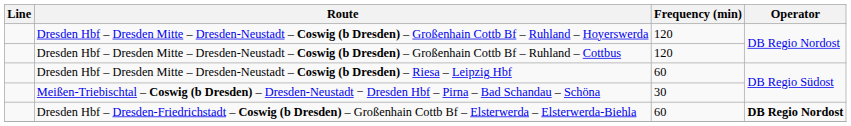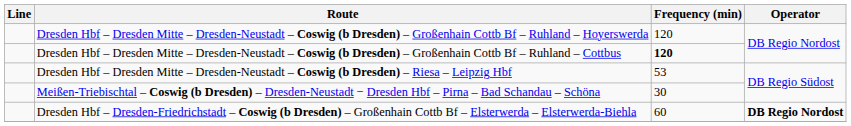 <table class="wikitable">
 <tr>
 <th>Line</th>
 <th>Route</th>
 <th>Frequency (min)</th>
 <th>Operator</th>
 </tr>
 <tr>
 <td></td>
 <td><a href='#'>Dresden Hbf</a> – <a href='#'>Dresden Mitte</a> – <a href='#'>Dresden-Neustadt</a> – <strong>Coswig (b Dresden)</strong> – <a href='#'>Großenhain Cottb Bf</a> – <a href='#'>Ruhland</a> – <a href='#'>Hoyerswerda</a></td>
 <td>120</td>
 <td rowspan=2><a href='#'>DB Regio Nordost</a></td>
 </tr>
 <tr>
 <td></td>
 <td>Dresden Hbf – Dresden Mitte – Dresden-Neustadt – <strong>Coswig (b Dresden)</strong> – Großenhain Cottb Bf – Ruhland – <a href='#'>Cottbus</a></td>
-<td>120</td>
+<td><strong>120</strong></td>
 </tr>
 <tr>
 <td></td>
 <td>Dresden Hbf – Dresden Mitte – Dresden-Neustadt – <strong>Coswig (b Dresden)</strong> – <a href='#'>Riesa</a> – <a href='#'>Leipzig Hbf</a></td>
-<td>60</td>
+<td>53</td>
 <td rowspan=2><a href='#'>DB Regio Südost</a></td>
 </tr>
 <tr>
 <td></td>
 <td><a href='#'>Meißen-Triebischtal</a> – <strong>Coswig (b Dresden)</strong> – <a href='#'>Dresden-Neustadt</a> − <a href='#'>Dresden Hbf</a> – <a href='#'>Pirna</a> – <a href='#'>Bad Schandau</a> – <a href='#'>Schöna</a></td>
 <td>30</td>
 </tr>
 <tr>
 <td></td>
 <td>Dresden Hbf – <a href='#'>Dresden-Friedrichstadt</a> – <strong>Coswig (b Dresden)</strong> – Großenhain Cottb Bf – <a href='#'>Elsterwerda</a> – <a href='#'>Elsterwerda-Biehla</a></td>
 <td>60</td>
 <td><strong>DB Regio Nordost</strong></td>
 </tr>
 <tr>
 </tr>
 </table>
